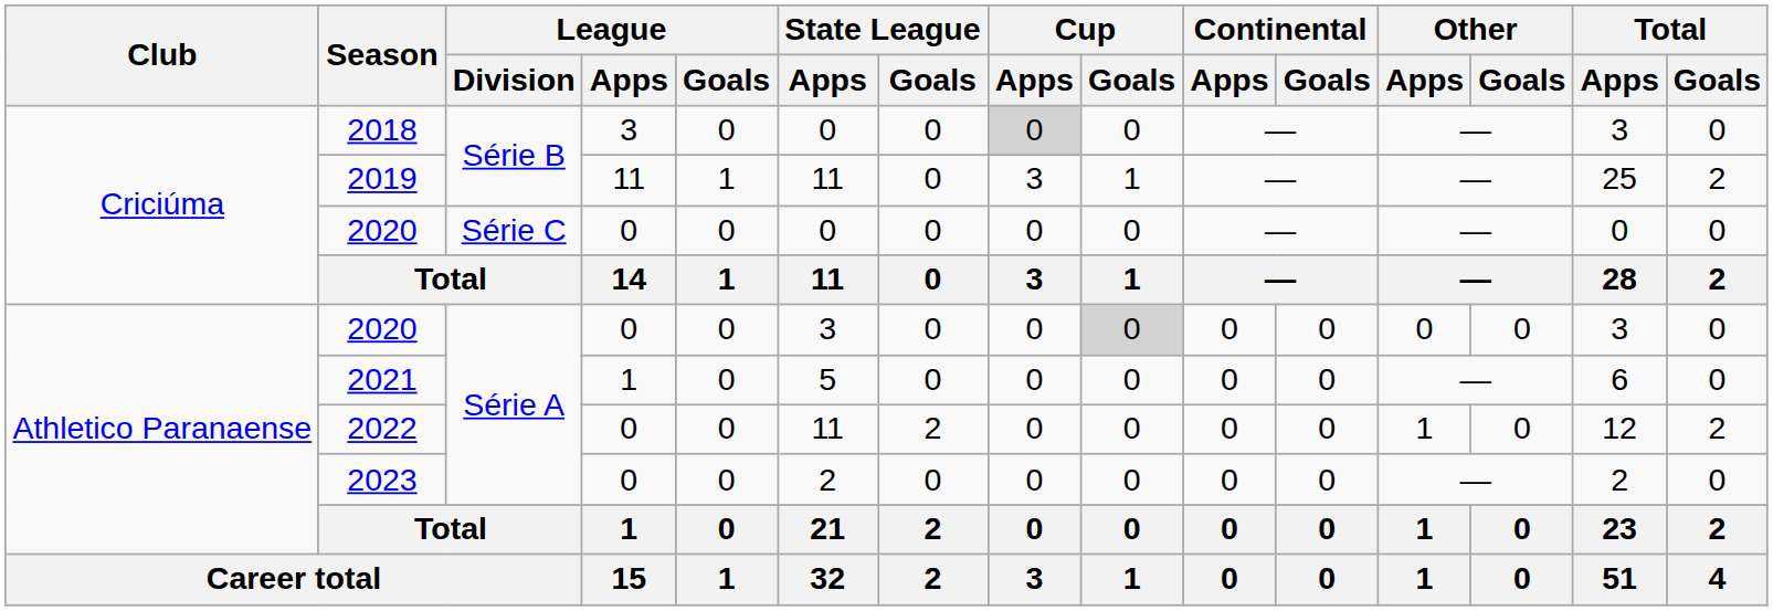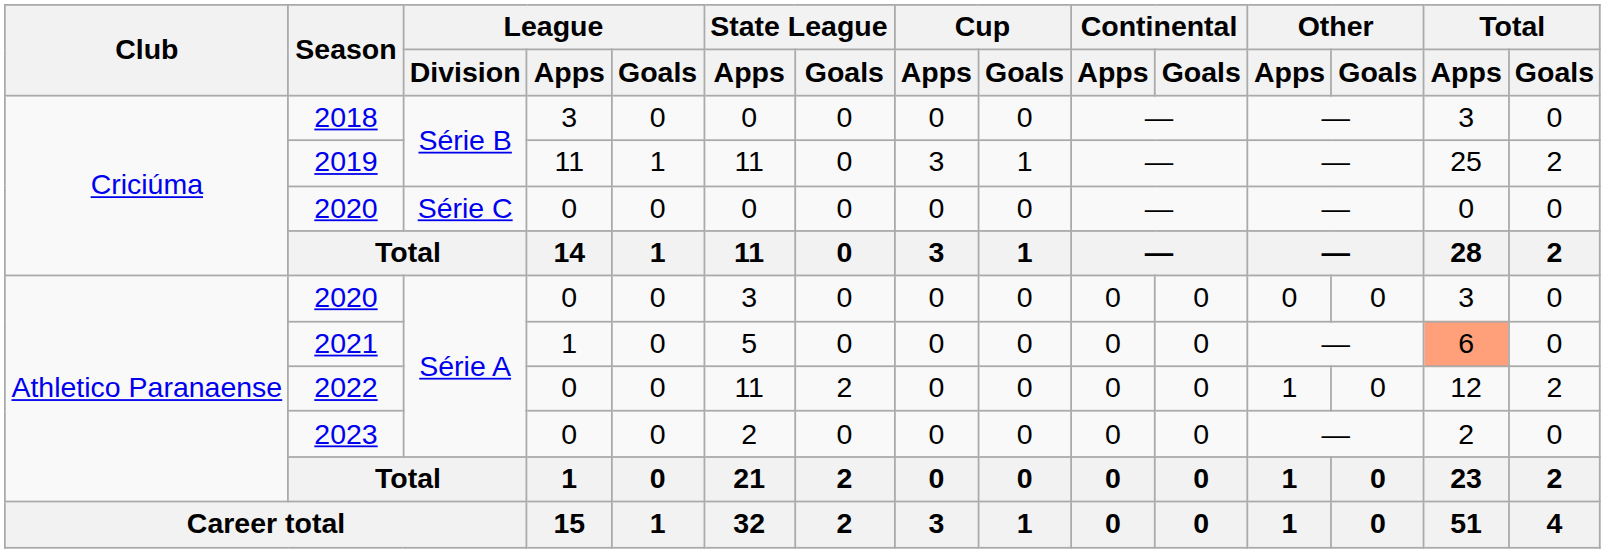 <table class="wikitable" style="text-align: center">
 <tr>
 <th rowspan="2">Club</th>
 <th rowspan="2">Season</th>
 <th colspan="3">League</th>
 <th colspan="2">State League</th>
 <th colspan="2">Cup</th>
 <th colspan="2">Continental</th>
 <th colspan="2">Other</th>
 <th colspan="2">Total</th>
 </tr>
 <tr>
 <th>Division</th>
 <th>Apps</th>
 <th>Goals</th>
 <th>Apps</th>
 <th>Goals</th>
 <th>Apps</th>
 <th>Goals</th>
 <th>Apps</th>
 <th>Goals</th>
 <th>Apps</th>
 <th>Goals</th>
 <th>Apps</th>
 <th>Goals</th>
 </tr>
 <tr>
 <td rowspan="4"><a href='#'>Criciúma</a></td>
 <td><a href='#'>2018</a></td>
 <td rowspan="2"><a href='#'>Série B</a></td>
 <td>3</td>
 <td>0</td>
 <td>0</td>
 <td>0</td>
-<td style="background: lightgrey;">0</td>
+<td>0</td>
 <td>0</td>
 <td colspan="2">—</td>
 <td colspan="2">—</td>
 <td>3</td>
 <td>0</td>
 </tr>
 <tr>
 <td><a href='#'>2019</a></td>
 <td>11</td>
 <td>1</td>
 <td>11</td>
 <td>0</td>
 <td>3</td>
 <td>1</td>
 <td colspan="2">—</td>
 <td colspan="2">—</td>
 <td>25</td>
 <td>2</td>
 </tr>
 <tr>
 <td><a href='#'>2020</a></td>
 <td><a href='#'>Série C</a></td>
 <td>0</td>
 <td>0</td>
 <td>0</td>
 <td>0</td>
 <td>0</td>
 <td>0</td>
 <td colspan="2">—</td>
 <td colspan="2">—</td>
 <td>0</td>
 <td>0</td>
 </tr>
 <tr>
 <th colspan="2"><strong>Total</strong></th>
 <th>14</th>
 <th>1</th>
 <th>11</th>
 <th>0</th>
 <th>3</th>
 <th>1</th>
 <th colspan="2">—</th>
 <th colspan="2">—</th>
 <th>28</th>
 <th>2</th>
 </tr>
 <tr>
 <td rowspan="5"><a href='#'>Athletico Paranaense</a></td>
 <td><a href='#'>2020</a></td>
 <td rowspan="4"><a href='#'>Série A</a></td>
 <td>0</td>
 <td>0</td>
 <td>3</td>
 <td>0</td>
 <td>0</td>
-<td style="background: lightgrey;">0</td>
+<td>0</td>
 <td>0</td>
 <td>0</td>
 <td>0</td>
 <td>0</td>
 <td>3</td>
 <td>0</td>
 </tr>
 <tr>
 <td><a href='#'>2021</a></td>
 <td>1</td>
 <td>0</td>
 <td>5</td>
 <td>0</td>
 <td>0</td>
 <td>0</td>
 <td>0</td>
 <td>0</td>
 <td colspan="2">—</td>
-<td>6</td>
+<td style="background: lightsalmon;">6</td>
 <td>0</td>
 </tr>
 <tr>
 <td><a href='#'>2022</a></td>
 <td>0</td>
 <td>0</td>
 <td>11</td>
 <td>2</td>
 <td>0</td>
 <td>0</td>
 <td>0</td>
 <td>0</td>
 <td>1</td>
 <td>0</td>
 <td>12</td>
 <td>2</td>
 </tr>
 <tr>
 <td><a href='#'>2023</a></td>
 <td>0</td>
 <td>0</td>
 <td>2</td>
 <td>0</td>
 <td>0</td>
 <td>0</td>
 <td>0</td>
 <td>0</td>
 <td colspan="2">—</td>
 <td>2</td>
 <td>0</td>
 </tr>
 <tr>
 <th colspan="2"><strong>Total</strong></th>
 <th>1</th>
 <th>0</th>
 <th>21</th>
 <th>2</th>
 <th>0</th>
 <th>0</th>
 <th>0</th>
 <th>0</th>
 <th>1</th>
 <th>0</th>
 <th>23</th>
 <th>2</th>
 </tr>
 <tr>
 <th colspan="3"><strong>Career total</strong></th>
 <th>15</th>
 <th>1</th>
 <th>32</th>
 <th>2</th>
 <th>3</th>
 <th>1</th>
 <th>0</th>
 <th>0</th>
 <th>1</th>
 <th>0</th>
 <th>51</th>
 <th>4</th>
 </tr>
 </table>
